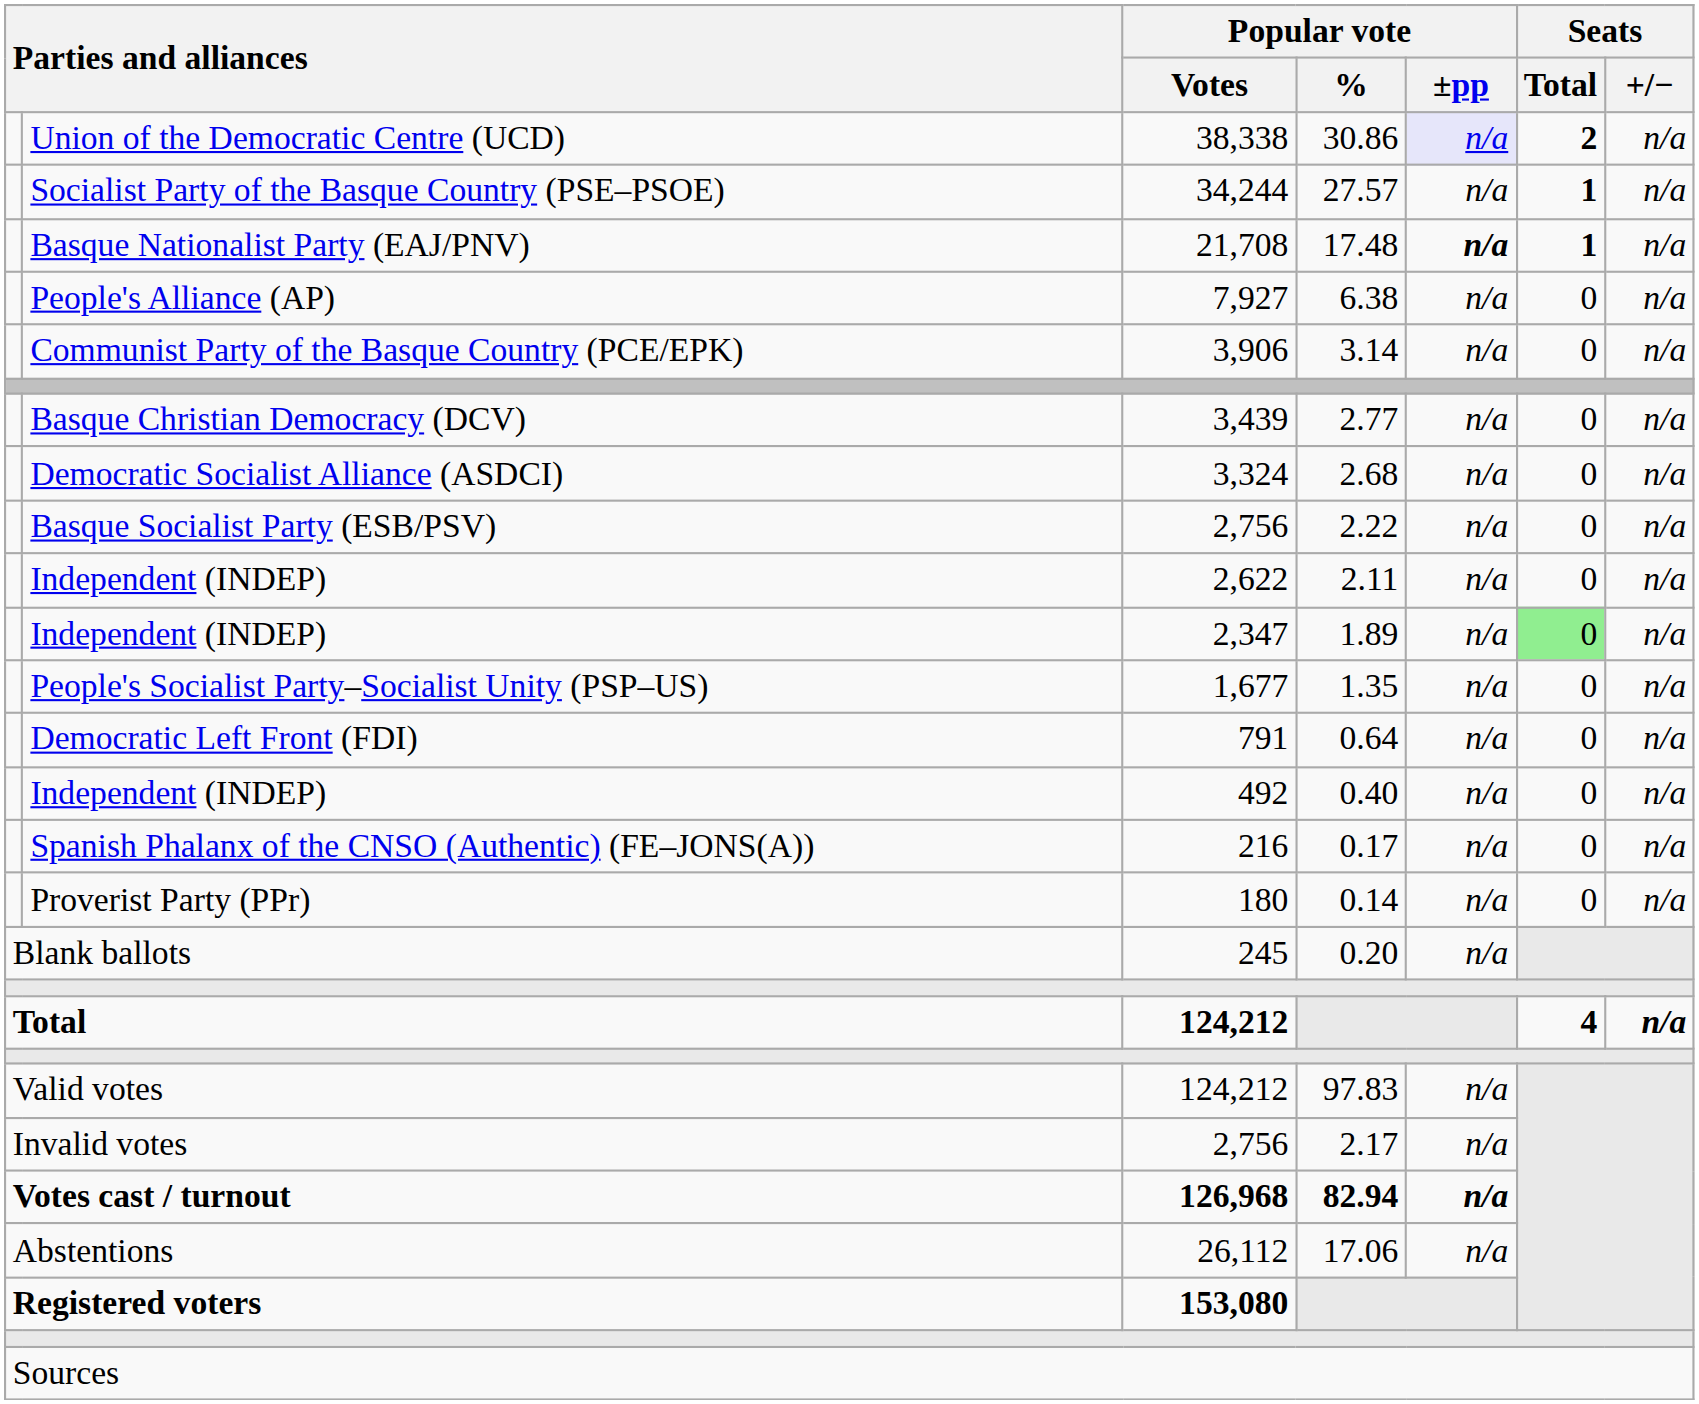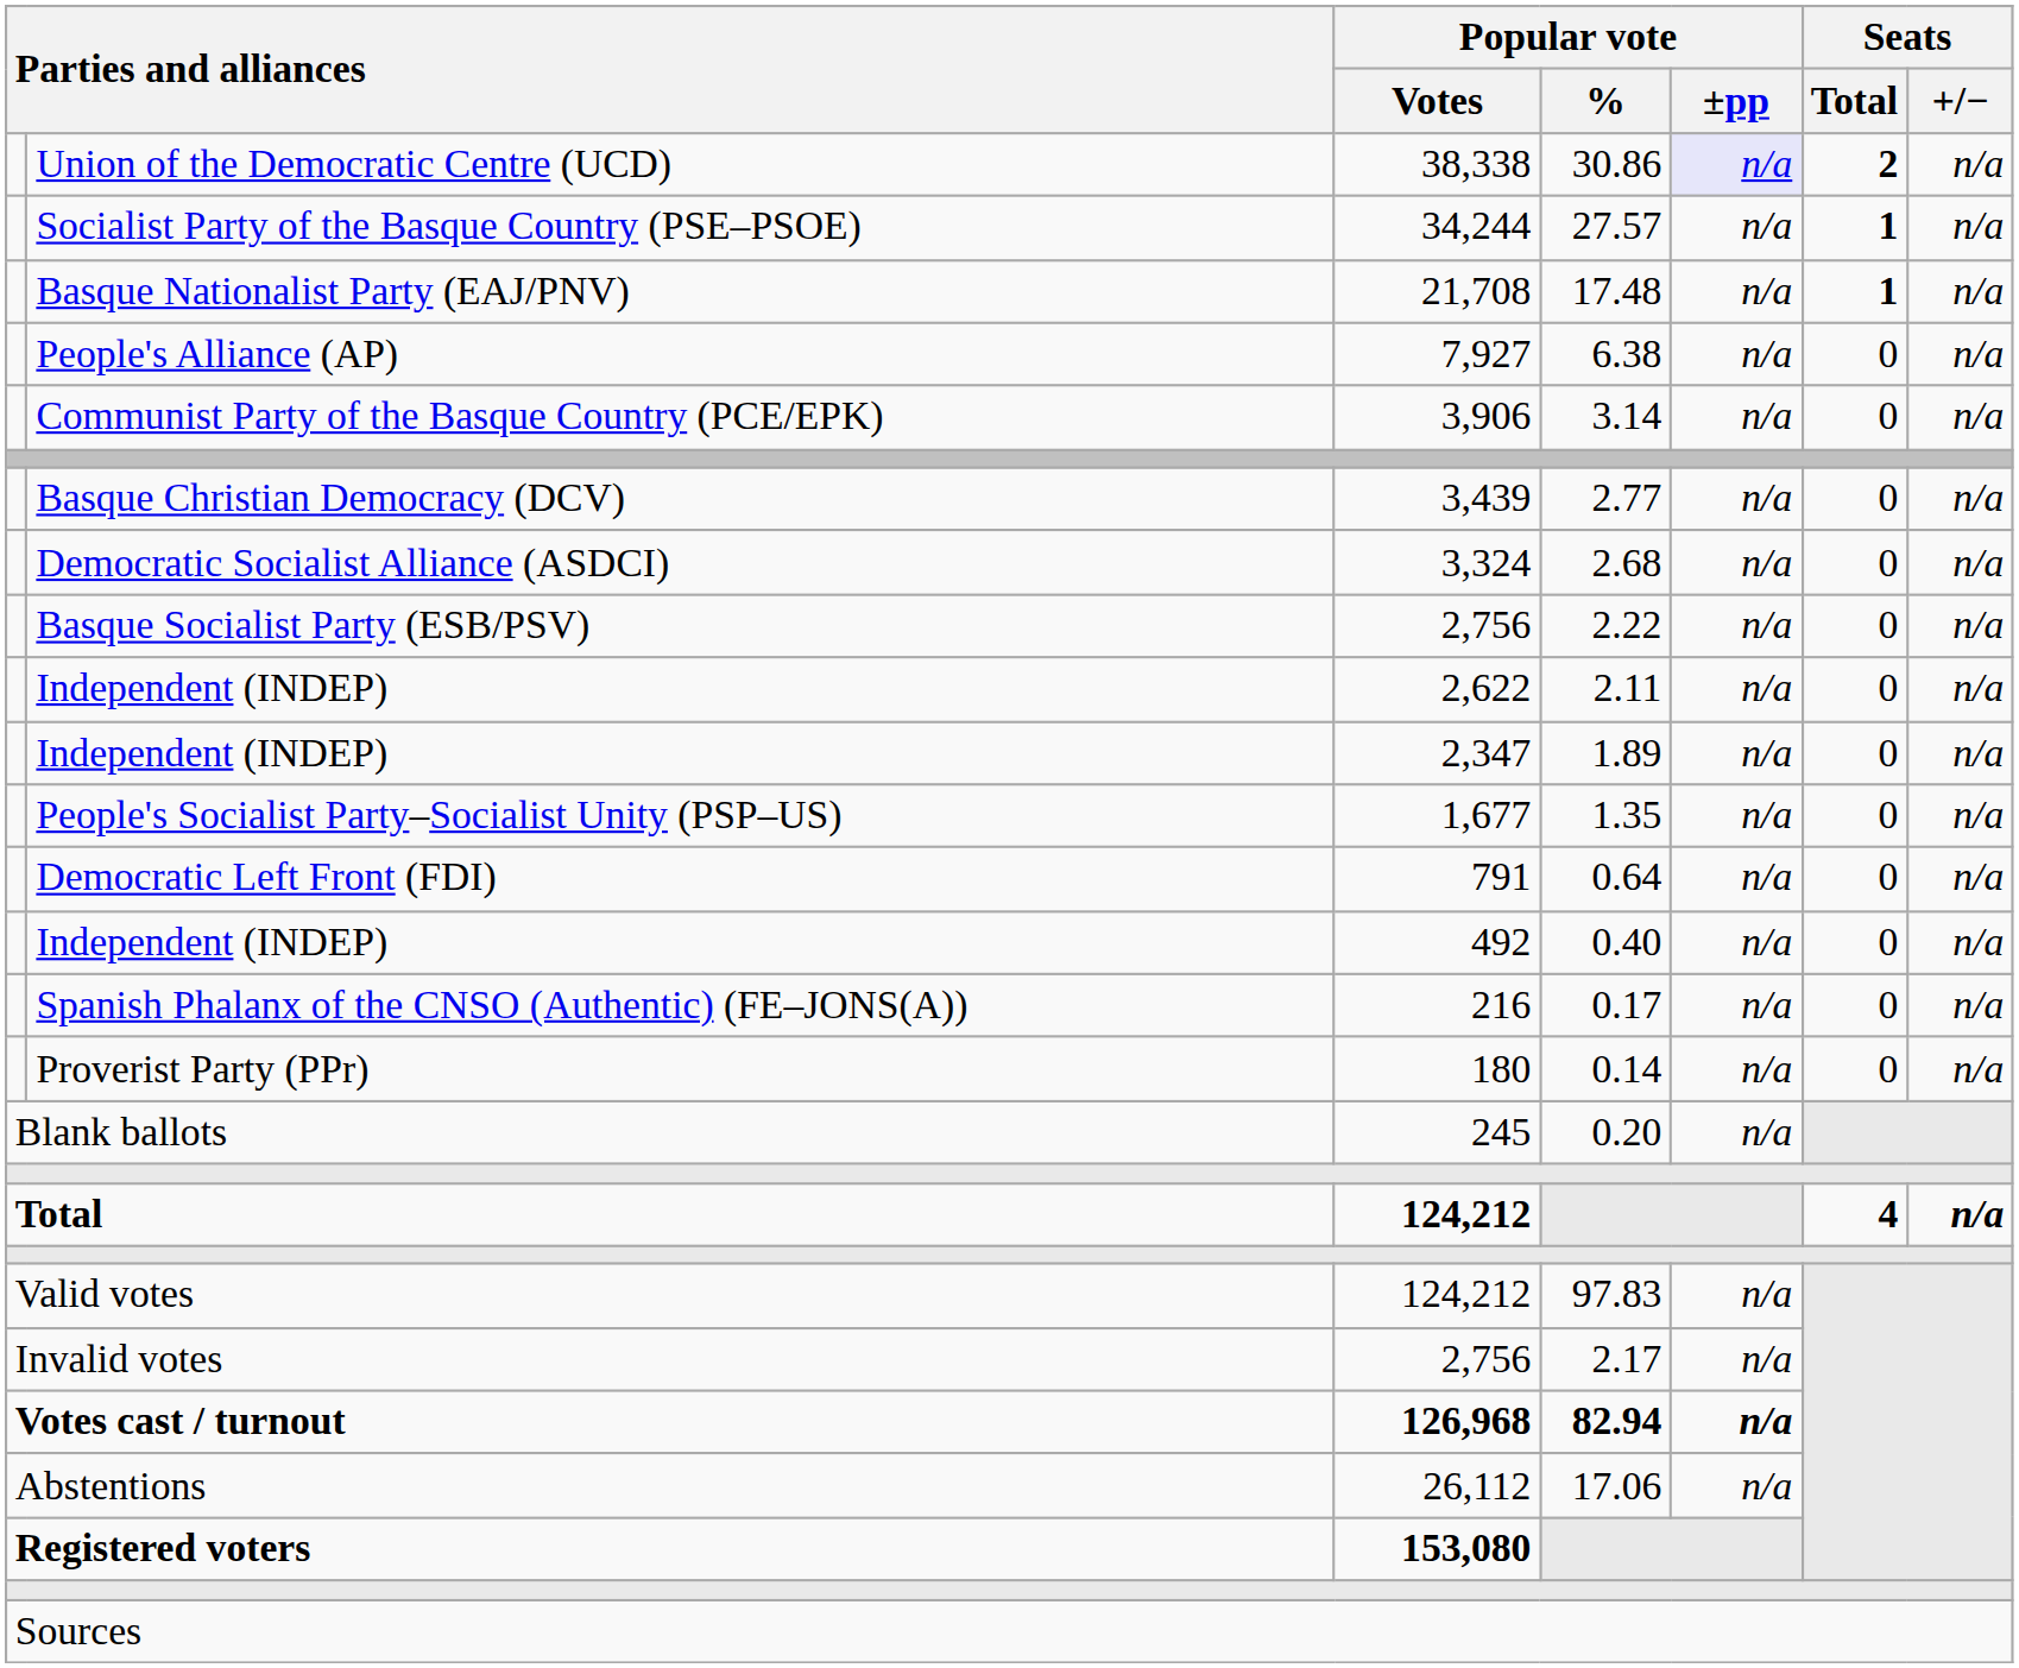 <table class="wikitable" style="text-align:right;">
 <tr>
 <th style="text-align:left;" rowspan="2" colspan="2" width="525">Parties and alliances</th>
 <th colspan="3">Popular vote</th>
 <th colspan="2">Seats</th>
 </tr>
 <tr>
 <th width="75">Votes</th>
 <th width="45">%</th>
 <th width="45">±<a href='#'>pp</a></th>
 <th width="35">Total</th>
 <th width="35">+/−</th>
 </tr>
 <tr>
 <td width="1" style="color:inherit;background:"></td>
 <td align="left"><a href='#'>Union of the Democratic Centre</a> (UCD)</td>
 <td>38,338</td>
 <td>30.86</td>
 <td style="background: lavender;"><em><a href='#'>n/a</a></em></td>
 <td><strong>2</strong></td>
 <td><em>n/a</em></td>
 </tr>
 <tr>
 <td style="color:inherit;background:"></td>
 <td align="left"><a href='#'>Socialist Party of the Basque Country</a> (PSE–PSOE)</td>
 <td>34,244</td>
 <td>27.57</td>
 <td><em>n/a</em></td>
 <td><strong>1</strong></td>
 <td><em>n/a</em></td>
 </tr>
 <tr>
 <td style="color:inherit;background:"></td>
 <td align="left"><a href='#'>Basque Nationalist Party</a> (EAJ/PNV)</td>
 <td>21,708</td>
 <td>17.48</td>
-<td><strong><em>n/a</em></strong></td>
+<td><em>n/a</em></td>
 <td><strong>1</strong></td>
 <td><em>n/a</em></td>
 </tr>
 <tr>
 <td style="color:inherit;background:"></td>
 <td align="left"><a href='#'>People's Alliance</a> (AP)</td>
 <td>7,927</td>
 <td>6.38</td>
 <td><em>n/a</em></td>
 <td>0</td>
 <td><em>n/a</em></td>
 </tr>
 <tr>
 <td style="color:inherit;background:"></td>
 <td align="left"><a href='#'>Communist Party of the Basque Country</a> (PCE/EPK)</td>
 <td>3,906</td>
 <td>3.14</td>
 <td><em>n/a</em></td>
 <td>0</td>
 <td><em>n/a</em></td>
 </tr>
 <tr>
 <td colspan="7" bgcolor="#C0C0C0"></td>
 </tr>
 <tr>
 <td style="color:inherit;background:"></td>
 <td align="left"><a href='#'>Basque Christian Democracy</a> (DCV)</td>
 <td>3,439</td>
 <td>2.77</td>
 <td><em>n/a</em></td>
 <td>0</td>
 <td><em>n/a</em></td>
 </tr>
 <tr>
 <td style="color:inherit;background:"></td>
 <td align="left"><a href='#'>Democratic Socialist Alliance</a> (ASDCI)</td>
 <td>3,324</td>
 <td>2.68</td>
 <td><em>n/a</em></td>
 <td>0</td>
 <td><em>n/a</em></td>
 </tr>
 <tr>
 <td style="color:inherit;background:"></td>
 <td align="left"><a href='#'>Basque Socialist Party</a> (ESB/PSV)</td>
 <td>2,756</td>
 <td>2.22</td>
 <td><em>n/a</em></td>
 <td>0</td>
 <td><em>n/a</em></td>
 </tr>
 <tr>
 <td style="color:inherit;background:"></td>
 <td align="left"><a href='#'>Independent</a> (INDEP)</td>
 <td>2,622</td>
 <td>2.11</td>
 <td><em>n/a</em></td>
 <td>0</td>
 <td><em>n/a</em></td>
 </tr>
 <tr>
 <td style="color:inherit;background:"></td>
 <td align="left"><a href='#'>Independent</a> (INDEP)</td>
 <td>2,347</td>
 <td>1.89</td>
 <td><em>n/a</em></td>
-<td style="background: lightgreen;">0</td>
+<td>0</td>
 <td><em>n/a</em></td>
 </tr>
 <tr>
 <td style="color:inherit;background:"></td>
 <td align="left"><a href='#'>People's Socialist Party</a>–<a href='#'>Socialist Unity</a> (PSP–US)</td>
 <td>1,677</td>
 <td>1.35</td>
 <td><em>n/a</em></td>
 <td>0</td>
 <td><em>n/a</em></td>
 </tr>
 <tr>
 <td style="color:inherit;background:"></td>
 <td align="left"><a href='#'>Democratic Left Front</a> (FDI)</td>
 <td>791</td>
 <td>0.64</td>
 <td><em>n/a</em></td>
 <td>0</td>
 <td><em>n/a</em></td>
 </tr>
 <tr>
 <td style="color:inherit;background:"></td>
 <td align="left"><a href='#'>Independent</a> (INDEP)</td>
 <td>492</td>
 <td>0.40</td>
 <td><em>n/a</em></td>
 <td>0</td>
 <td><em>n/a</em></td>
 </tr>
 <tr>
 <td style="color:inherit;background:"></td>
 <td align="left"><a href='#'>Spanish Phalanx of the CNSO (Authentic)</a> (FE–JONS(A))</td>
 <td>216</td>
 <td>0.17</td>
 <td><em>n/a</em></td>
 <td>0</td>
 <td><em>n/a</em></td>
 </tr>
 <tr>
 <td style="color:inherit;background:"></td>
 <td align="left">Proverist Party (PPr)</td>
 <td>180</td>
 <td>0.14</td>
 <td><em>n/a</em></td>
 <td>0</td>
 <td><em>n/a</em></td>
 </tr>
 <tr>
 <td align="left" colspan="2">Blank ballots</td>
 <td>245</td>
 <td>0.20</td>
 <td><em>n/a</em></td>
 <td bgcolor="#E9E9E9" colspan="2"></td>
 </tr>
 <tr>
 <td colspan="7" bgcolor="#E9E9E9"></td>
 </tr>
 <tr style="font-weight:bold;">
 <td align="left" colspan="2">Total</td>
 <td>124,212</td>
 <td bgcolor="#E9E9E9" colspan="2"></td>
 <td>4</td>
 <td><em>n/a</em></td>
 </tr>
 <tr>
 <td colspan="7" bgcolor="#E9E9E9"></td>
 </tr>
 <tr>
 <td align="left" colspan="2">Valid votes</td>
 <td>124,212</td>
 <td>97.83</td>
 <td><em>n/a</em></td>
 <td bgcolor="#E9E9E9" colspan="2" rowspan="5"></td>
 </tr>
 <tr>
 <td align="left" colspan="2">Invalid votes</td>
 <td>2,756</td>
 <td>2.17</td>
 <td><em>n/a</em></td>
 </tr>
 <tr style="font-weight:bold;">
 <td align="left" colspan="2">Votes cast / turnout</td>
 <td>126,968</td>
 <td>82.94</td>
 <td><em>n/a</em></td>
 </tr>
 <tr>
 <td align="left" colspan="2">Abstentions</td>
 <td>26,112</td>
 <td>17.06</td>
 <td><em>n/a</em></td>
 </tr>
 <tr style="font-weight:bold;">
 <td align="left" colspan="2">Registered voters</td>
 <td>153,080</td>
 <td bgcolor="#E9E9E9" colspan="2"></td>
 </tr>
 <tr>
 <td colspan="7" bgcolor="#E9E9E9"></td>
 </tr>
 <tr>
 <td align="left" colspan="7">Sources</td>
 </tr>
 </table>
